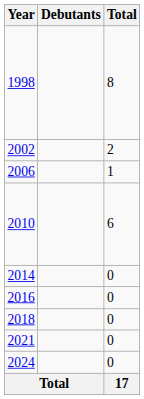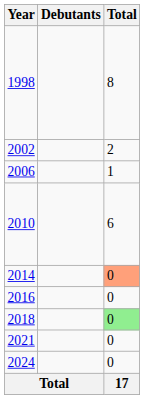 <table class="wikitable">
 <tr>
 <th>Year</th>
 <th>Debutants</th>
 <th>Total</th>
 </tr>
 <tr>
 <td><a href='#'>1998</a></td>
 <td> <br>  <br>  <br>  <br>  <br>  <br>  <br> </td>
 <td>8</td>
 </tr>
 <tr>
 <td><a href='#'>2002</a></td>
 <td> <br> </td>
 <td>2</td>
 </tr>
 <tr>
 <td><a href='#'>2006</a></td>
 <td></td>
 <td>1</td>
 </tr>
 <tr>
 <td><a href='#'>2010</a></td>
 <td> <br>  <br>  <br>  <br>  <br> </td>
 <td>6</td>
 </tr>
 <tr>
 <td><a href='#'>2014</a></td>
 <td></td>
-<td>0</td>
+<td style="background: lightsalmon;">0</td>
 </tr>
 <tr>
 <td><a href='#'>2016</a></td>
 <td></td>
 <td>0</td>
 </tr>
 <tr>
 <td><a href='#'>2018</a></td>
 <td></td>
-<td>0</td>
+<td style="background: lightgreen;">0</td>
 </tr>
 <tr>
 <td><a href='#'>2021</a></td>
 <td></td>
 <td>0</td>
 </tr>
 <tr>
 <td><a href='#'>2024</a></td>
 <td></td>
 <td>0</td>
 </tr>
 <tr>
 <th colspan=2>Total</th>
 <th>17</th>
 </tr>
 </table>
